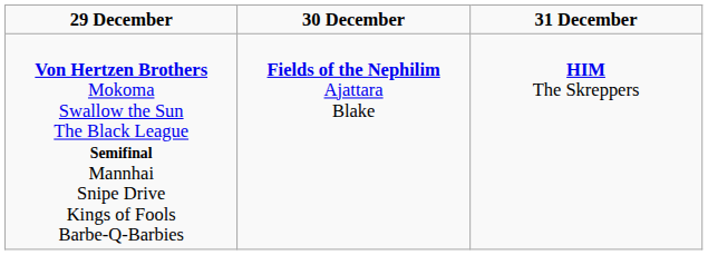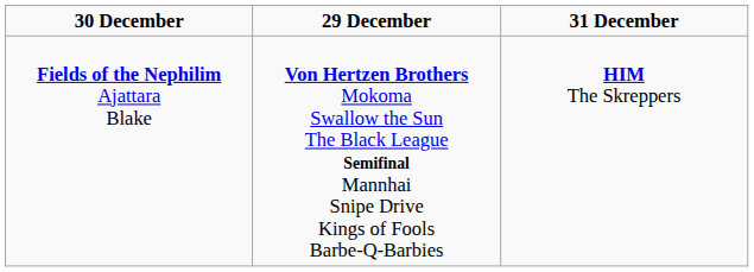 <table class="wikitable">
 <tr>
+<td colspan="1" style="text-align:center;"><strong>30 December</strong></td>
 <td colspan="1" style="text-align:center;"><strong>29 December</strong></td>
-<td colspan="1" style="text-align:center;"><strong>30 December</strong></td>
 <td colspan="1" style="text-align:center;"><strong>31 December</strong></td>
 </tr>
 <tr>
+<td style="text-align:center; vertical-align:top; width:200px;"><br><strong><a href='#'>Fields of the Nephilim</a></strong><br> <a href='#'>Ajattara</a><br> Blake<br></td>
 <td style="text-align:center; vertical-align:top; width:200px;"><br><strong><a href='#'>Von Hertzen Brothers</a></strong><br> <a href='#'>Mokoma</a><br> <a href='#'>Swallow the Sun</a><br> <a href='#'>The Black League</a><br> <small><strong>Semifinal</strong></small><br> Mannhai<br> Snipe Drive<br> Kings of Fools<br> Barbe-Q-Barbies<br></td>
-<td style="text-align:center; vertical-align:top; width:200px;"><br><strong><a href='#'>Fields of the Nephilim</a></strong><br> <a href='#'>Ajattara</a><br> Blake<br></td>
 <td style="text-align:center; vertical-align:top; width:200px;"><br><strong><a href='#'>HIM</a></strong><br> The Skreppers<br></td>
 </tr>
 </table>
